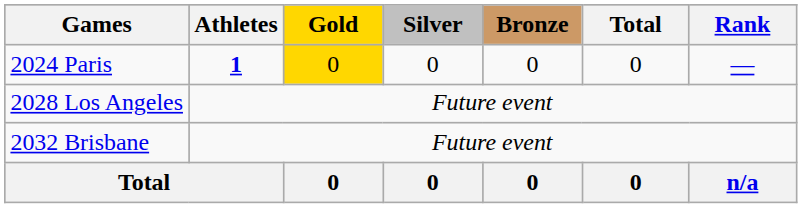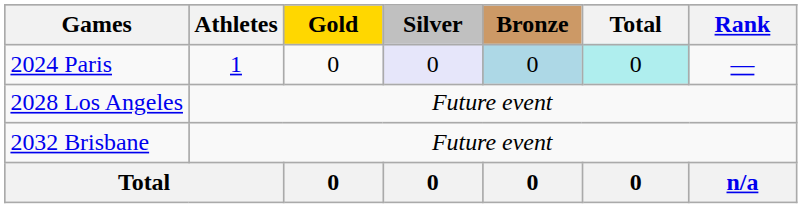 <table class="wikitable" style="text-align:center; font-size:90%;">
 <tr>
 <th>Games</th>
 <th>Athletes</th>
 <td style="background:gold; width:3.7em; font-weight:bold;">Gold</td>
 <td style="background:silver; width:3.7em; font-weight:bold;">Silver</td>
 <td style="background:#cc9966; width:3.7em; font-weight:bold;">Bronze</td>
 <th style="width:4em; font-weight:bold;">Total</th>
 <th style="width:4em; font-weight:bold;"><a href='#'>Rank</a></th>
 </tr>
 <tr>
 <td align=left> <a href='#'>2024 Paris</a></td>
-<td><strong><a href='#'>1</a></strong></td>
-<td style="background: gold;">0</td>
+<td><a href='#'>1</a></td>
 <td>0</td>
-<td>0</td>
-<td>0</td>
+<td style="background: lavender;">0</td>
+<td style="background: lightblue;">0</td>
+<td style="background: paleturquoise;">0</td>
 <td><a href='#'>—</a></td>
 </tr>
 <tr>
 <td align=left> <a href='#'>2028 Los Angeles</a></td>
 <td colspan=7; rowspan=1><em>Future event</em></td>
 </tr>
 <tr>
 <td align=left> <a href='#'>2032 Brisbane</a></td>
 <td colspan=7; rowspan=1><em>Future event</em></td>
 </tr>
 <tr>
 <th colspan=2>Total</th>
 <th>0</th>
 <th>0</th>
 <th>0</th>
 <th>0</th>
 <th><a href='#'>n/a</a></th>
 </tr>
 </table>
